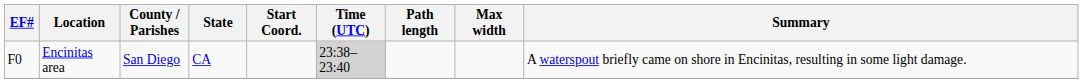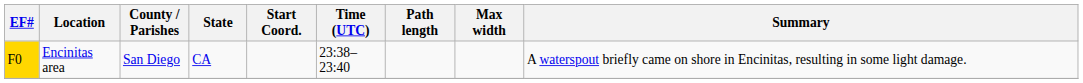 <table class="wikitable sortable" style="width:100%;">
 <tr>
 <th scope="col"  style="width:3%; text-align:center;"><a href='#'>EF#</a></th>
 <th scope="col"  style="width:7%; text-align:center;" class="unsortable">Location</th>
 <th scope="col"  style="width:6%; text-align:center;" class="unsortable">County / Parishes</th>
 <th scope="col"  style="width:5%; text-align:center;">State</th>
 <th scope="col"  style="width:6%; text-align:center;">Start Coord.</th>
 <th scope="col"  style="width:6%; text-align:center;">Time (<a href='#'>UTC</a>)</th>
 <th scope="col"  style="width:6%; text-align:center;">Path length</th>
 <th scope="col"  style="width:6%; text-align:center;">Max width</th>
 <th scope="col" class="unsortable" style="width:48%; text-align:center;">Summary</th>
 </tr>
 <tr>
-<td>F0</td>
+<td style="background: gold;">F0</td>
 <td><a href='#'>Encinitas</a> area</td>
 <td><a href='#'>San Diego</a></td>
 <td><a href='#'>CA</a></td>
 <td></td>
-<td style="background: lightgrey;">23:38–23:40</td>
+<td>23:38–23:40</td>
 <td></td>
 <td></td>
 <td>A <a href='#'>waterspout</a> briefly came on shore in Encinitas, resulting in some light damage.</td>
 </tr>
 <tr>
 </tr>
 </table>
